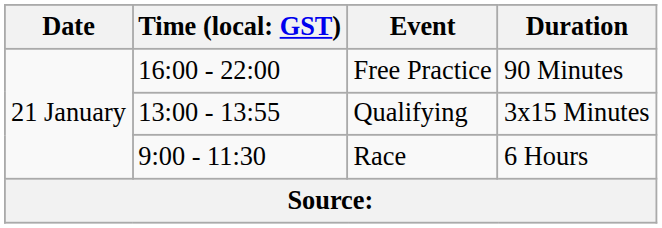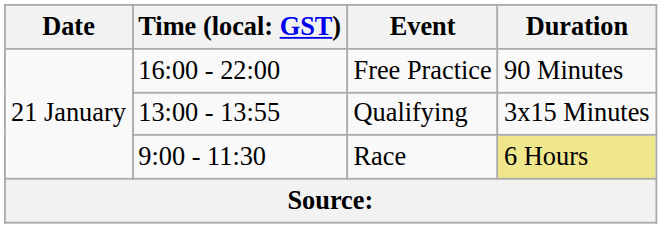 <table class="wikitable" style="font-size:90%;">
 <tr>
 <th>Date</th>
 <th>Time (local: <a href='#'>GST</a>)</th>
 <th>Event</th>
 <th>Duration</th>
 </tr>
 <tr>
 <td rowspan="3">21 January</td>
 <td>16:00 - 22:00</td>
 <td>Free Practice</td>
 <td>90 Minutes</td>
 </tr>
 <tr>
 <td>13:00 - 13:55</td>
 <td>Qualifying</td>
 <td>3x15 Minutes</td>
 </tr>
 <tr>
 <td>9:00 - 11:30</td>
 <td>Race</td>
-<td>6 Hours</td>
+<td style="background: khaki;">6 Hours</td>
 </tr>
 <tr>
 <th colspan="4">Source:</th>
 </tr>
 </table>
